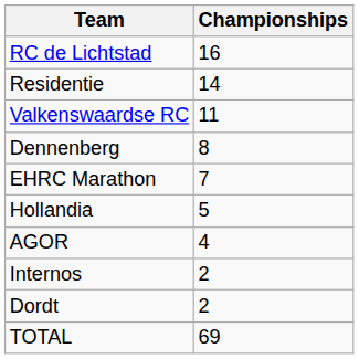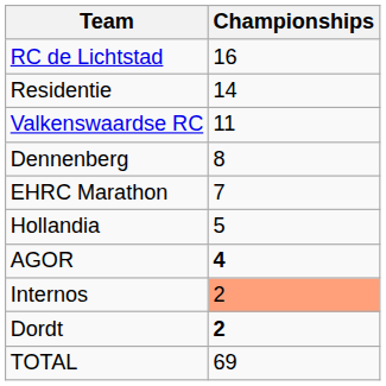 <table class="wikitable sortable">
 <tr>
 <th>Team</th>
 <th>Championships</th>
 </tr>
 <tr>
 <td><a href='#'>RC de Lichtstad</a></td>
 <td>16</td>
 </tr>
 <tr>
 <td>Residentie</td>
 <td>14</td>
 </tr>
 <tr>
 <td><a href='#'>Valkenswaardse RC</a></td>
 <td>11</td>
 </tr>
 <tr>
 <td>Dennenberg</td>
 <td>8</td>
 </tr>
 <tr>
 <td>EHRC Marathon</td>
 <td>7</td>
 </tr>
 <tr>
 <td>Hollandia</td>
 <td>5</td>
 </tr>
 <tr>
 <td>AGOR</td>
-<td>4</td>
+<td><strong>4</strong></td>
 </tr>
 <tr>
 <td>Internos</td>
-<td>2</td>
+<td style="background: lightsalmon;">2</td>
 </tr>
 <tr>
 <td>Dordt</td>
-<td>2</td>
+<td><strong>2</strong></td>
 </tr>
 <tr>
 <td>TOTAL</td>
 <td>69</td>
 </tr>
 </table>
